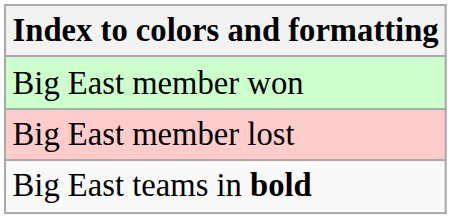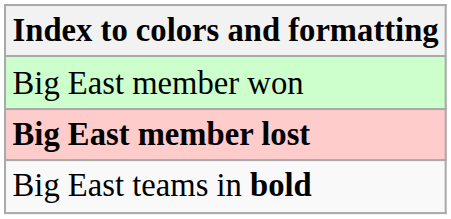 <table class="wikitable">
 <tr>
 <th>Index to colors and formatting</th>
 </tr>
 <tr bgcolor=#ccffcc>
 <td>Big East member won</td>
 </tr>
 <tr bgcolor=#ffcccc>
-<td>Big East member lost</td>
+<td><strong>Big East member lost</strong></td>
 </tr>
 <tr>
 <td>Big East teams in <strong>bold</strong></td>
 </tr>
 </table>
